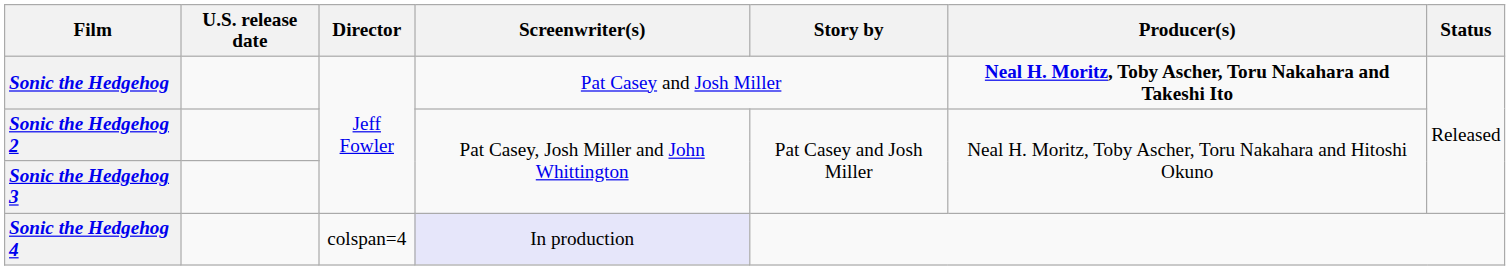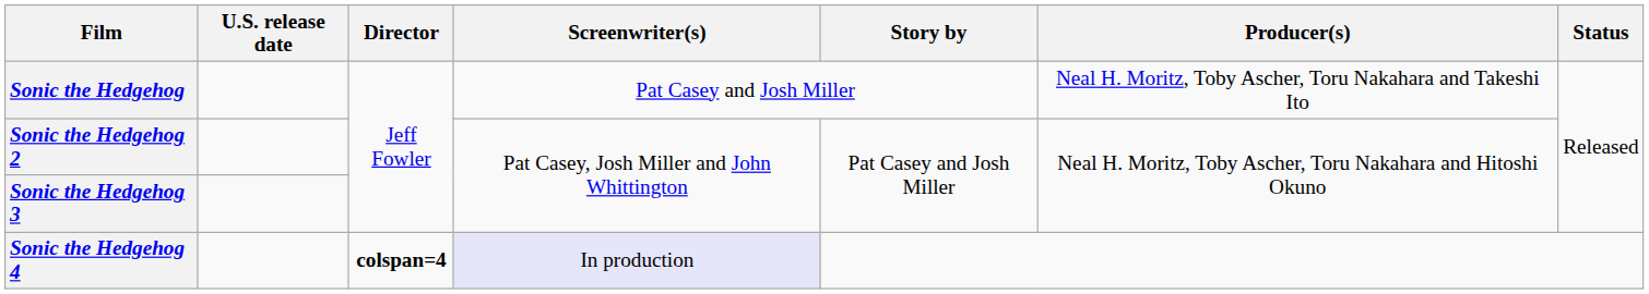 <table class="wikitable plainrowheaders" style="text-align:center; width:99%;">
 <tr>
 <th scope="col">Film</th>
 <th scope="col">U.S. release date</th>
 <th scope="col">Director</th>
 <th scope="col">Screenwriter(s)</th>
 <th scope="col">Story by</th>
 <th scope="col">Producer(s)</th>
 <th scope="col">Status</th>
 </tr>
 <tr>
 <th scope="row" style="text-align:left"><em><a href='#'>Sonic the Hedgehog</a></em></th>
 <td style="text-align:left"></td>
 <td rowspan="3"><a href='#'>Jeff Fowler</a></td>
 <td colspan="2"><a href='#'>Pat Casey</a> and <a href='#'>Josh Miller</a></td>
-<td colspan="1"><strong><a href='#'>Neal H. Moritz</a>, Toby Ascher, Toru Nakahara and Takeshi Ito</strong></td>
+<td colspan="1"><a href='#'>Neal H. Moritz</a>, Toby Ascher, Toru Nakahara and Takeshi Ito</td>
 <td rowspan="3">Released</td>
 </tr>
 <tr>
 <th scope="row" style="text-align:left"><em><a href='#'>Sonic the Hedgehog 2</a></em></th>
 <td style="text-align:left"></td>
 <td rowspan="2">Pat Casey, Josh Miller and <a href='#'>John Whittington</a></td>
 <td rowspan="2">Pat Casey and Josh Miller</td>
 <td rowspan="2">Neal H. Moritz, Toby Ascher, Toru Nakahara and Hitoshi Okuno</td>
 </tr>
 <tr>
 <th scope="row" style="text-align:left"><em><a href='#'>Sonic the Hedgehog 3</a></em></th>
 <td style="text-align:left"></td>
 </tr>
 <tr>
 <th scope="row" style="text-align:left"><em><a href='#'>Sonic the Hedgehog 4</a></em></th>
 <td style="text-align:left"></td>
-<td>colspan=4 </td>
+<td><strong>colspan=4 </strong></td>
 <td style="background: lavender;">In production</td>
 </tr>
 </table>
